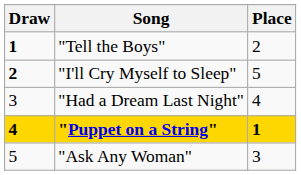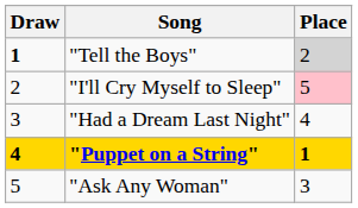 <table class="wikitable sortable">
 <tr>
 </tr>
 <tr>
 <th>Draw</th>
 <th>Song</th>
 <th>Place</th>
 </tr>
 <tr>
 <td><strong>1</strong></td>
 <td>"Tell the Boys"</td>
-<td>2</td>
+<td style="background: lightgrey;">2</td>
 </tr>
 <tr>
-<td><strong>2</strong></td>
+<td>2</td>
 <td>"I'll Cry Myself to Sleep"</td>
-<td>5</td>
+<td style="background: pink;">5</td>
 </tr>
 <tr>
 <td>3</td>
 <td>"Had a Dream Last Night"</td>
 <td>4</td>
 </tr>
 <tr style="background:gold; font-weight:bold;">
 <td>4</td>
 <td>"<a href='#'>Puppet on a String</a>"</td>
 <td>1</td>
 </tr>
 <tr>
 <td>5</td>
 <td>"Ask Any Woman"</td>
 <td>3</td>
 </tr>
 </table>
